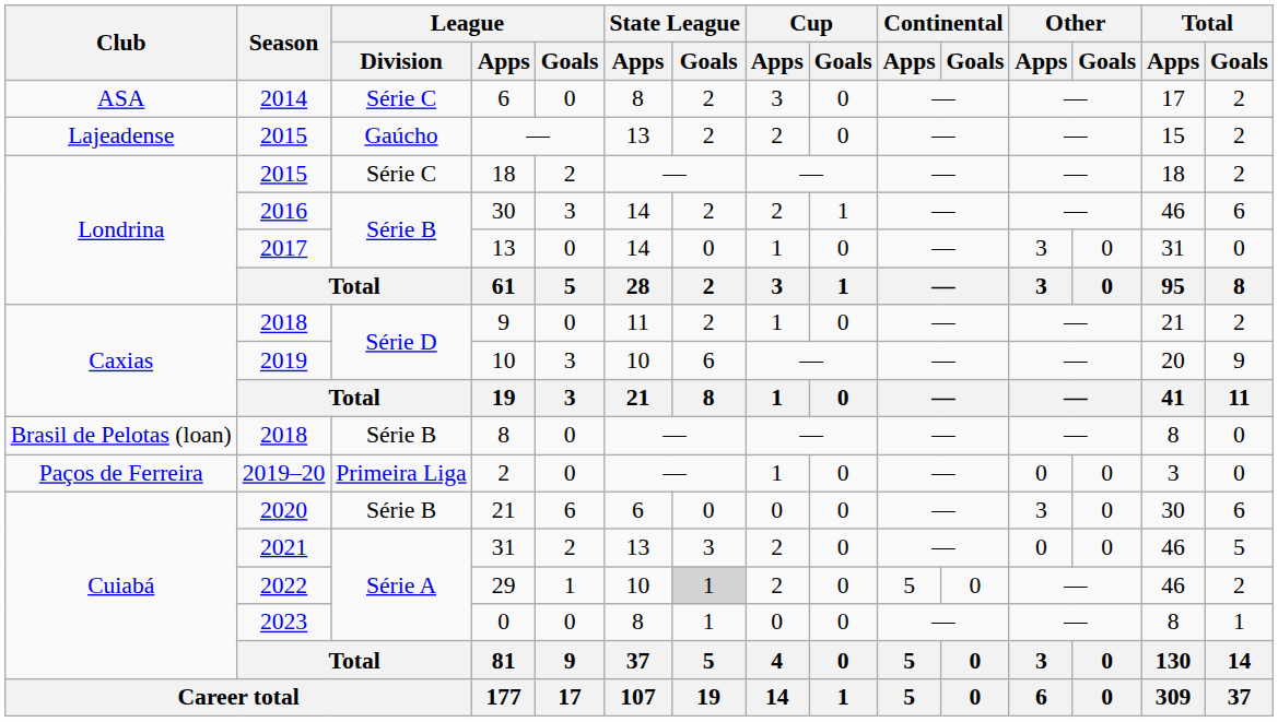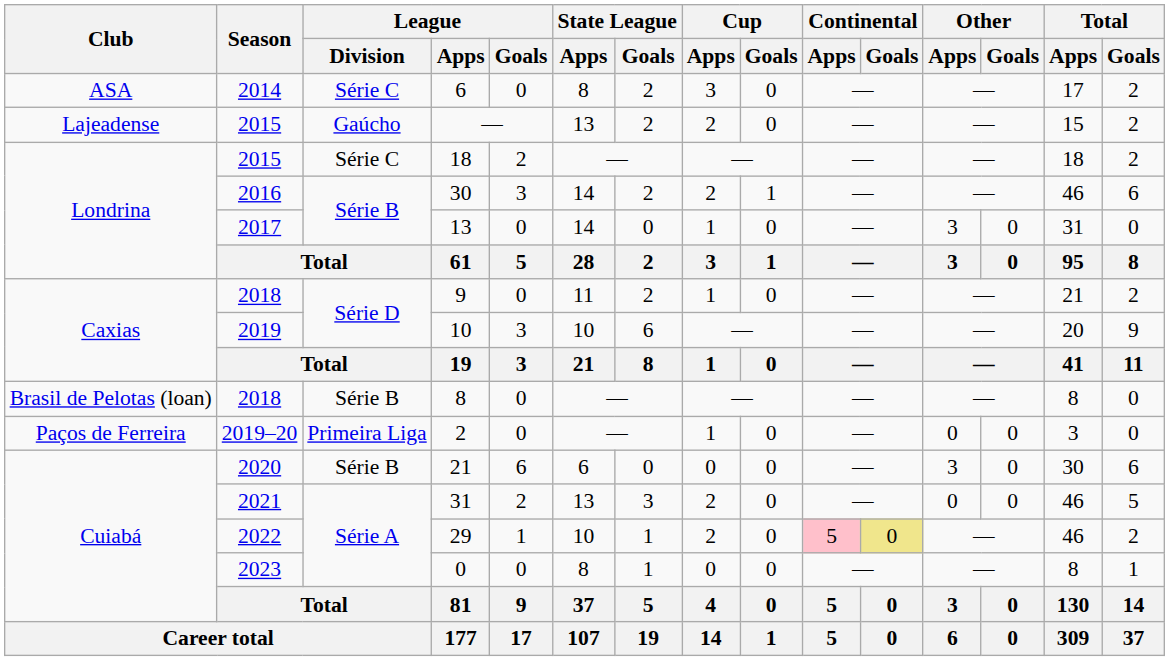 <table class="wikitable" style="text-align: center">
 <tr>
 <th rowspan="2">Club</th>
 <th rowspan="2">Season</th>
 <th colspan="3">League</th>
 <th colspan="2">State League</th>
 <th colspan="2">Cup</th>
 <th colspan="2">Continental</th>
 <th colspan="2">Other</th>
 <th colspan="2">Total</th>
 </tr>
 <tr>
 <th>Division</th>
 <th>Apps</th>
 <th>Goals</th>
 <th>Apps</th>
 <th>Goals</th>
 <th>Apps</th>
 <th>Goals</th>
 <th>Apps</th>
 <th>Goals</th>
 <th>Apps</th>
 <th>Goals</th>
 <th>Apps</th>
 <th>Goals</th>
 </tr>
 <tr>
 <td><a href='#'>ASA</a></td>
 <td><a href='#'>2014</a></td>
 <td><a href='#'>Série C</a></td>
 <td>6</td>
 <td>0</td>
 <td>8</td>
 <td>2</td>
 <td>3</td>
 <td>0</td>
 <td colspan="2">—</td>
 <td colspan="2">—</td>
 <td>17</td>
 <td>2</td>
 </tr>
 <tr>
 <td><a href='#'>Lajeadense</a></td>
 <td><a href='#'>2015</a></td>
 <td><a href='#'>Gaúcho</a></td>
 <td colspan="2">—</td>
 <td>13</td>
 <td>2</td>
 <td>2</td>
 <td>0</td>
 <td colspan="2">—</td>
 <td colspan="2">—</td>
 <td>15</td>
 <td>2</td>
 </tr>
 <tr>
 <td rowspan="4"><a href='#'>Londrina</a></td>
 <td><a href='#'>2015</a></td>
 <td>Série C</td>
 <td>18</td>
 <td>2</td>
 <td colspan="2">—</td>
 <td colspan="2">—</td>
 <td colspan="2">—</td>
 <td colspan="2">—</td>
 <td>18</td>
 <td>2</td>
 </tr>
 <tr>
 <td><a href='#'>2016</a></td>
 <td rowspan="2"><a href='#'>Série B</a></td>
 <td>30</td>
 <td>3</td>
 <td>14</td>
 <td>2</td>
 <td>2</td>
 <td>1</td>
 <td colspan="2">—</td>
 <td colspan="2">—</td>
 <td>46</td>
 <td>6</td>
 </tr>
 <tr>
 <td><a href='#'>2017</a></td>
 <td>13</td>
 <td>0</td>
 <td>14</td>
 <td>0</td>
 <td>1</td>
 <td>0</td>
 <td colspan="2">—</td>
 <td>3</td>
 <td>0</td>
 <td>31</td>
 <td>0</td>
 </tr>
 <tr>
 <th colspan="2">Total</th>
 <th>61</th>
 <th>5</th>
 <th>28</th>
 <th>2</th>
 <th>3</th>
 <th>1</th>
 <th colspan="2">—</th>
 <th>3</th>
 <th>0</th>
 <th>95</th>
 <th>8</th>
 </tr>
 <tr>
 <td rowspan="3"><a href='#'>Caxias</a></td>
 <td><a href='#'>2018</a></td>
 <td rowspan="2"><a href='#'>Série D</a></td>
 <td>9</td>
 <td>0</td>
 <td>11</td>
 <td>2</td>
 <td>1</td>
 <td>0</td>
 <td colspan="2">—</td>
 <td colspan="2">—</td>
 <td>21</td>
 <td>2</td>
 </tr>
 <tr>
 <td><a href='#'>2019</a></td>
 <td>10</td>
 <td>3</td>
 <td>10</td>
 <td>6</td>
 <td colspan="2">—</td>
 <td colspan="2">—</td>
 <td colspan="2">—</td>
 <td>20</td>
 <td>9</td>
 </tr>
 <tr>
 <th colspan="2">Total</th>
 <th>19</th>
 <th>3</th>
 <th>21</th>
 <th>8</th>
 <th>1</th>
 <th>0</th>
 <th colspan="2">—</th>
 <th colspan="2">—</th>
 <th>41</th>
 <th>11</th>
 </tr>
 <tr>
 <td><a href='#'>Brasil de Pelotas</a> (loan)</td>
 <td><a href='#'>2018</a></td>
 <td>Série B</td>
 <td>8</td>
 <td>0</td>
 <td colspan="2">—</td>
 <td colspan="2">—</td>
 <td colspan="2">—</td>
 <td colspan="2">—</td>
 <td>8</td>
 <td>0</td>
 </tr>
 <tr>
 <td><a href='#'>Paços de Ferreira</a></td>
 <td><a href='#'>2019–20</a></td>
 <td><a href='#'>Primeira Liga</a></td>
 <td>2</td>
 <td>0</td>
 <td colspan="2">—</td>
 <td>1</td>
 <td>0</td>
 <td colspan="2">—</td>
 <td>0</td>
 <td>0</td>
 <td>3</td>
 <td>0</td>
 </tr>
 <tr>
 <td rowspan="5"><a href='#'>Cuiabá</a></td>
 <td><a href='#'>2020</a></td>
 <td>Série B</td>
 <td>21</td>
 <td>6</td>
 <td>6</td>
 <td>0</td>
 <td>0</td>
 <td>0</td>
 <td colspan="2">—</td>
 <td>3</td>
 <td>0</td>
 <td>30</td>
 <td>6</td>
 </tr>
 <tr>
 <td><a href='#'>2021</a></td>
 <td rowspan="3"><a href='#'>Série A</a></td>
 <td>31</td>
 <td>2</td>
 <td>13</td>
 <td>3</td>
 <td>2</td>
 <td>0</td>
 <td colspan="2">—</td>
 <td>0</td>
 <td>0</td>
 <td>46</td>
 <td>5</td>
 </tr>
 <tr>
 <td><a href='#'>2022</a></td>
 <td>29</td>
 <td>1</td>
 <td>10</td>
-<td style="background: lightgrey;">1</td>
+<td>1</td>
 <td>2</td>
 <td>0</td>
-<td>5</td>
-<td>0</td>
+<td style="background: pink;">5</td>
+<td style="background: khaki;">0</td>
 <td colspan="2">—</td>
 <td>46</td>
 <td>2</td>
 </tr>
 <tr>
 <td><a href='#'>2023</a></td>
 <td>0</td>
 <td>0</td>
 <td>8</td>
 <td>1</td>
 <td>0</td>
 <td>0</td>
 <td colspan="2">—</td>
 <td colspan="2">—</td>
 <td>8</td>
 <td>1</td>
 </tr>
 <tr>
 <th colspan="2">Total</th>
 <th>81</th>
 <th>9</th>
 <th>37</th>
 <th>5</th>
 <th>4</th>
 <th>0</th>
 <th>5</th>
 <th>0</th>
 <th>3</th>
 <th>0</th>
 <th>130</th>
 <th>14</th>
 </tr>
 <tr>
 <th colspan="3">Career total</th>
 <th>177</th>
 <th>17</th>
 <th>107</th>
 <th>19</th>
 <th>14</th>
 <th>1</th>
 <th>5</th>
 <th>0</th>
 <th>6</th>
 <th>0</th>
 <th>309</th>
 <th>37</th>
 </tr>
 </table>
